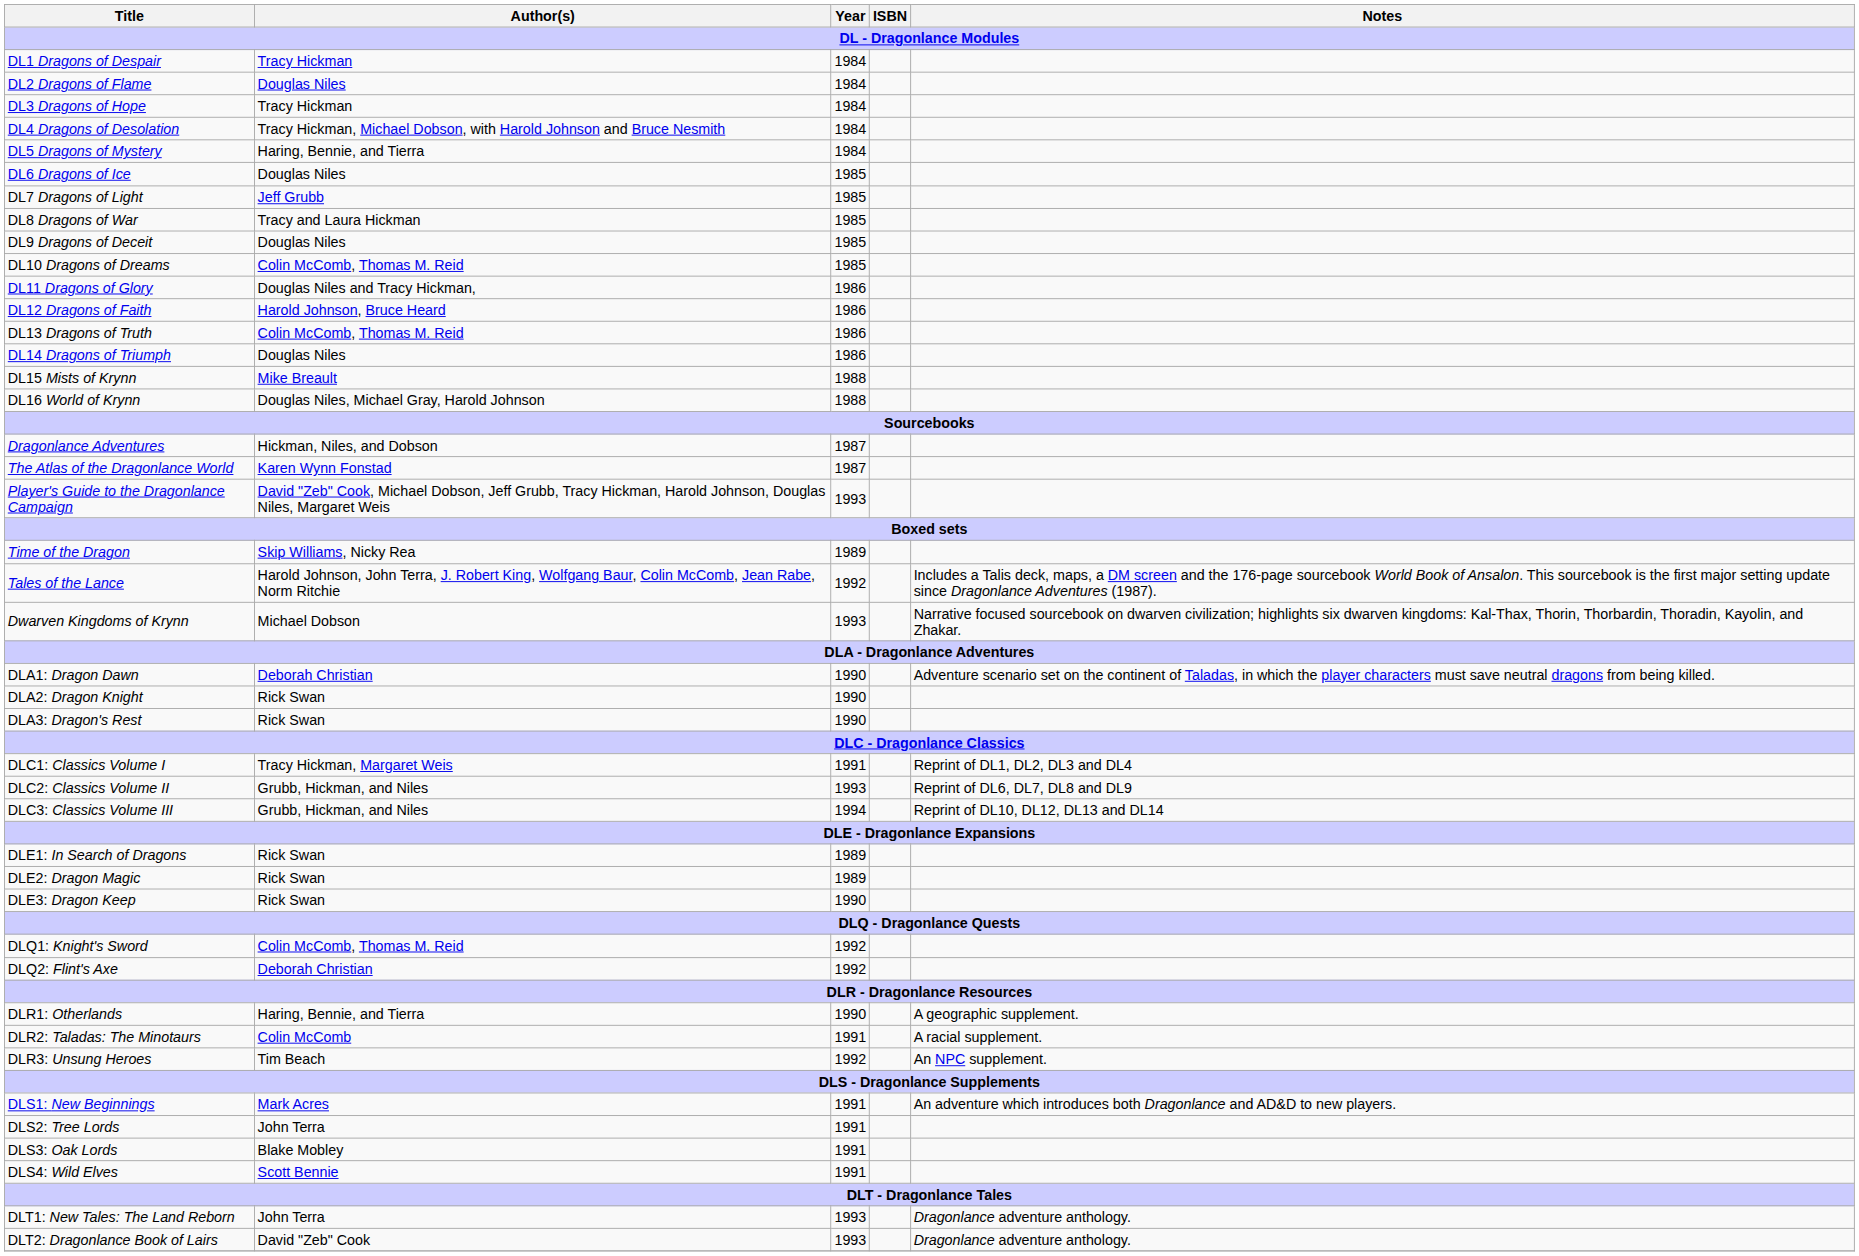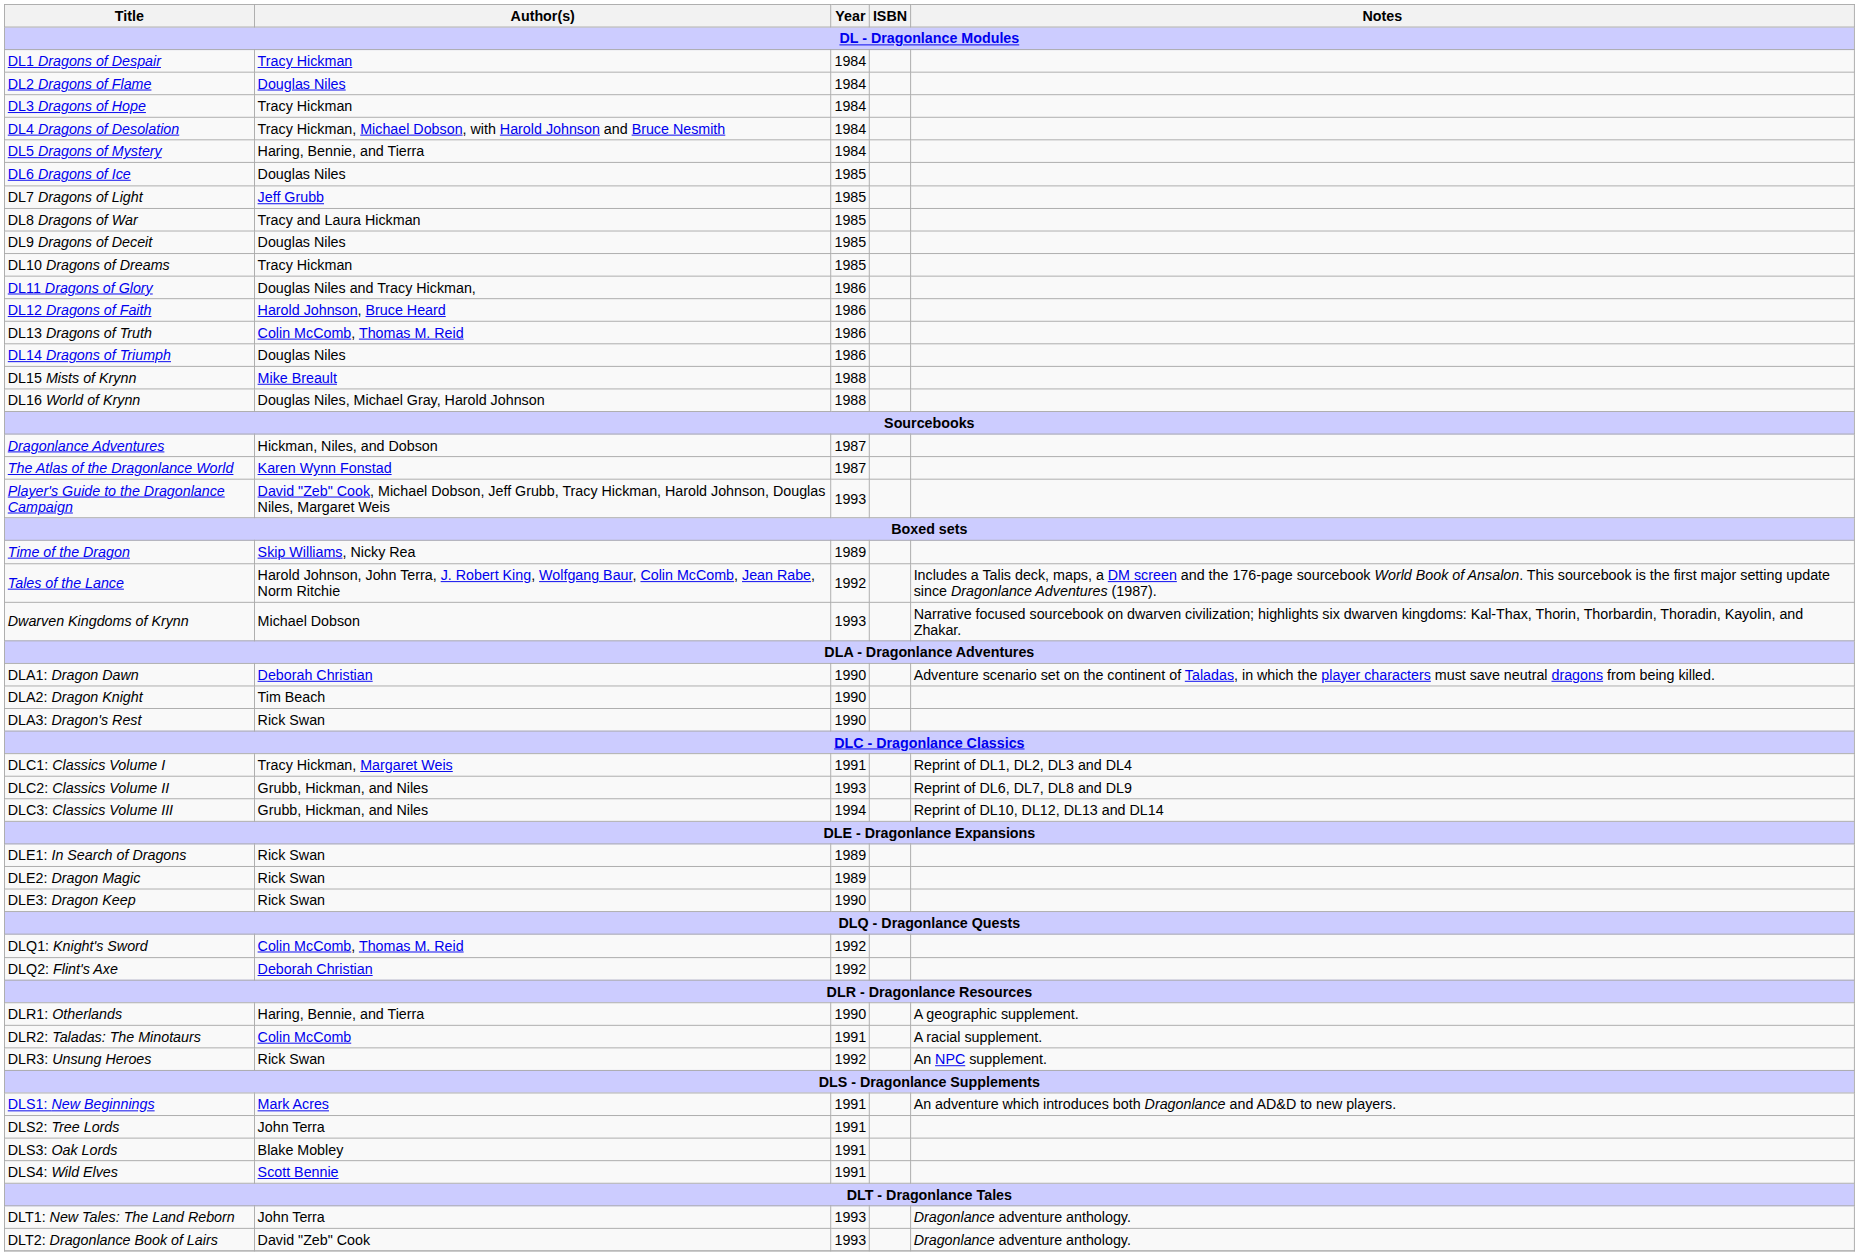 <table class="wikitable sortable" style="margins:auto; width=95%; font-size: 95%;">
 <tr>
 <th>Title</th>
 <th>Author(s)</th>
 <th>Year</th>
 <th>ISBN</th>
 <th>Notes</th>
 </tr>
 <tr>
 <th colspan="5" style="background-color:#ccccff;"><a href='#'>DL - Dragonlance Modules</a></th>
 </tr>
 <tr>
 <td><a href='#'>DL1 <em>Dragons of Despair</em></a></td>
 <td><a href='#'>Tracy Hickman</a></td>
 <td>1984</td>
 <td></td>
 <td></td>
 </tr>
 <tr>
 <td><a href='#'>DL2 <em>Dragons of Flame</em></a></td>
 <td><a href='#'>Douglas Niles</a></td>
 <td>1984</td>
 <td></td>
 <td></td>
 </tr>
 <tr>
 <td><a href='#'>DL3 <em>Dragons of Hope</em></a></td>
 <td>Tracy Hickman</td>
 <td>1984</td>
 <td></td>
 <td></td>
 </tr>
 <tr>
 <td><a href='#'>DL4 <em>Dragons of Desolation</em></a></td>
 <td>Tracy Hickman, <a href='#'>Michael Dobson</a>, with <a href='#'>Harold Johnson</a> and <a href='#'>Bruce Nesmith</a></td>
 <td>1984</td>
 <td></td>
 <td></td>
 </tr>
 <tr>
 <td><a href='#'>DL5 <em>Dragons of Mystery</em></a></td>
 <td>Haring, Bennie, and Tierra</td>
 <td>1984</td>
 <td></td>
 <td></td>
 </tr>
 <tr>
 <td><a href='#'>DL6 <em>Dragons of Ice</em></a></td>
 <td>Douglas Niles</td>
 <td>1985</td>
 <td></td>
 <td></td>
 </tr>
 <tr>
 <td>DL7 <em>Dragons of Light</em></td>
 <td><a href='#'>Jeff Grubb</a></td>
 <td>1985</td>
 <td></td>
 <td></td>
 </tr>
 <tr>
 <td>DL8 <em>Dragons of War</em></td>
 <td>Tracy and Laura Hickman</td>
 <td>1985</td>
 <td></td>
 <td></td>
 </tr>
 <tr>
 <td>DL9 <em>Dragons of Deceit</em></td>
 <td>Douglas Niles</td>
 <td>1985</td>
 <td></td>
 <td></td>
 </tr>
 <tr>
 <td>DL10 <em>Dragons of Dreams</em></td>
-<td><a href='#'>Colin McComb</a>, <a href='#'>Thomas M. Reid</a></td>
+<td>Tracy Hickman</td>
 <td>1985</td>
 <td></td>
 <td></td>
 </tr>
 <tr>
 <td><a href='#'>DL11 <em>Dragons of Glory</em></a></td>
 <td>Douglas Niles and Tracy Hickman,</td>
 <td>1986</td>
 <td></td>
 <td></td>
 </tr>
 <tr>
 <td><a href='#'>DL12 <em>Dragons of Faith</em></a></td>
 <td><a href='#'>Harold Johnson</a>, <a href='#'>Bruce Heard</a></td>
 <td>1986</td>
 <td></td>
 <td></td>
 </tr>
 <tr>
 <td>DL13 <em>Dragons of Truth</em></td>
 <td><a href='#'>Colin McComb</a>, <a href='#'>Thomas M. Reid</a></td>
 <td>1986</td>
 <td></td>
 <td></td>
 </tr>
 <tr>
 <td><a href='#'>DL14 <em>Dragons of Triumph</em></a></td>
 <td>Douglas Niles</td>
 <td>1986</td>
 <td></td>
 <td></td>
 </tr>
 <tr>
 <td>DL15 <em>Mists of Krynn</em></td>
 <td><a href='#'>Mike Breault</a></td>
 <td>1988</td>
 <td></td>
 <td></td>
 </tr>
 <tr>
 <td>DL16 <em>World of Krynn</em></td>
 <td>Douglas Niles, Michael Gray, Harold Johnson</td>
 <td>1988</td>
 <td></td>
 <td></td>
 </tr>
 <tr>
 <th colspan="5" style="background-color:#ccccff;">Sourcebooks</th>
 </tr>
 <tr>
 <td><em><a href='#'>Dragonlance Adventures</a></em></td>
 <td>Hickman, Niles, and Dobson</td>
 <td>1987</td>
 <td></td>
 <td></td>
 </tr>
 <tr>
 <td><em><a href='#'>The Atlas of the Dragonlance World</a></em></td>
 <td><a href='#'>Karen Wynn Fonstad</a></td>
 <td>1987</td>
 <td></td>
 <td></td>
 </tr>
 <tr>
 <td><em><a href='#'>Player's Guide to the Dragonlance Campaign</a></em></td>
 <td><a href='#'>David "Zeb" Cook</a>, Michael Dobson, Jeff Grubb, Tracy Hickman, Harold Johnson, Douglas Niles, Margaret Weis</td>
 <td>1993</td>
 <td></td>
 <td></td>
 </tr>
 <tr>
 <th colspan="5" style="background-color:#ccccff;">Boxed sets</th>
 </tr>
 <tr>
 <td><em><a href='#'>Time of the Dragon</a></em></td>
 <td><a href='#'>Skip Williams</a>, Nicky Rea</td>
 <td>1989</td>
 <td></td>
 <td></td>
 </tr>
 <tr>
 <td><em><a href='#'>Tales of the Lance</a></em></td>
 <td>Harold Johnson, John Terra, <a href='#'>J. Robert King</a>, <a href='#'>Wolfgang Baur</a>, <a href='#'>Colin McComb</a>, <a href='#'>Jean Rabe</a>, Norm Ritchie</td>
 <td>1992</td>
 <td></td>
 <td>Includes a Talis deck, maps, a <a href='#'>DM screen</a> and the 176-page sourcebook <em>World Book of Ansalon</em>. This sourcebook is the first major setting update since <em>Dragonlance Adventures</em> (1987).</td>
 </tr>
 <tr>
 <td><em>Dwarven Kingdoms of Krynn</em></td>
 <td>Michael Dobson</td>
 <td>1993</td>
 <td></td>
 <td>Narrative focused sourcebook on dwarven civilization; highlights six dwarven kingdoms: Kal-Thax, Thorin, Thorbardin, Thoradin, Kayolin, and Zhakar.</td>
 </tr>
 <tr>
 <th colspan="5" style="background-color:#ccccff;">DLA - Dragonlance Adventures</th>
 </tr>
 <tr>
 <td>DLA1: <em>Dragon Dawn</em></td>
 <td><a href='#'>Deborah Christian</a></td>
 <td>1990</td>
 <td></td>
 <td>Adventure scenario set on the continent of <a href='#'>Taladas</a>, in which the <a href='#'>player characters</a> must save neutral <a href='#'>dragons</a> from being killed.</td>
 </tr>
 <tr>
 <td>DLA2: <em>Dragon Knight</em></td>
-<td>Rick Swan</td>
+<td>Tim Beach</td>
 <td>1990</td>
 <td></td>
 <td></td>
 </tr>
 <tr>
 <td>DLA3: <em>Dragon's Rest</em></td>
 <td>Rick Swan</td>
 <td>1990</td>
 <td></td>
 <td></td>
 </tr>
 <tr>
 <th colspan="5" style="background-color:#ccccff;"><a href='#'>DLC - Dragonlance Classics</a></th>
 </tr>
 <tr>
 <td>DLC1: <em>Classics Volume I</em></td>
 <td>Tracy Hickman, <a href='#'>Margaret Weis</a></td>
 <td>1991</td>
 <td></td>
 <td>Reprint of DL1, DL2, DL3 and DL4</td>
 </tr>
 <tr>
 <td>DLC2: <em>Classics Volume II</em></td>
 <td>Grubb, Hickman, and Niles</td>
 <td>1993</td>
 <td></td>
 <td>Reprint of DL6, DL7, DL8 and DL9</td>
 </tr>
 <tr>
 <td>DLC3: <em>Classics Volume III</em></td>
 <td>Grubb, Hickman, and Niles</td>
 <td>1994</td>
 <td></td>
 <td>Reprint of DL10, DL12, DL13 and DL14</td>
 </tr>
 <tr>
 <th colspan="5" style="background-color:#ccccff;">DLE - Dragonlance Expansions</th>
 </tr>
 <tr>
 <td>DLE1: <em>In Search of Dragons</em></td>
 <td>Rick Swan</td>
 <td>1989</td>
 <td></td>
 <td></td>
 </tr>
 <tr>
 <td>DLE2: <em>Dragon Magic</em></td>
 <td>Rick Swan</td>
 <td>1989</td>
 <td></td>
 <td></td>
 </tr>
 <tr>
 <td>DLE3: <em>Dragon Keep</em></td>
 <td>Rick Swan</td>
 <td>1990</td>
 <td></td>
 <td></td>
 </tr>
 <tr>
 <th colspan="5" style="background-color:#ccccff;">DLQ - Dragonlance Quests</th>
 </tr>
 <tr>
 <td>DLQ1: <em>Knight's Sword</em></td>
 <td><a href='#'>Colin McComb</a>, <a href='#'>Thomas M. Reid</a></td>
 <td>1992</td>
 <td></td>
 <td></td>
 </tr>
 <tr>
 <td>DLQ2: <em>Flint's Axe</em></td>
 <td><a href='#'>Deborah Christian</a></td>
 <td>1992</td>
 <td></td>
 <td></td>
 </tr>
 <tr>
 <th colspan="5" style="background-color:#ccccff;">DLR - Dragonlance Resources</th>
 </tr>
 <tr>
 <td>DLR1: <em>Otherlands</em></td>
 <td>Haring, Bennie, and Tierra</td>
 <td>1990</td>
 <td></td>
 <td>A geographic supplement.</td>
 </tr>
 <tr>
 <td>DLR2: <em>Taladas: The Minotaurs</em></td>
 <td><a href='#'>Colin McComb</a></td>
 <td>1991</td>
 <td></td>
 <td>A racial supplement.</td>
 </tr>
 <tr>
 <td>DLR3: <em>Unsung Heroes</em></td>
-<td>Tim Beach</td>
+<td>Rick Swan</td>
 <td>1992</td>
 <td></td>
 <td>An <a href='#'>NPC</a> supplement.</td>
 </tr>
 <tr>
 <th colspan="5" style="background-color:#ccccff;">DLS - Dragonlance Supplements</th>
 </tr>
 <tr>
 <td><a href='#'>DLS1: <em>New Beginnings</em></a></td>
 <td><a href='#'>Mark Acres</a></td>
 <td>1991</td>
 <td></td>
 <td>An adventure which introduces both <em>Dragonlance</em> and AD&D to new players.</td>
 </tr>
 <tr>
 <td>DLS2: <em>Tree Lords</em></td>
 <td>John Terra</td>
 <td>1991</td>
 <td></td>
 <td></td>
 </tr>
 <tr>
 <td>DLS3: <em>Oak Lords</em></td>
 <td>Blake Mobley</td>
 <td>1991</td>
 <td></td>
 <td></td>
 </tr>
 <tr>
 <td>DLS4: <em>Wild Elves</em></td>
 <td><a href='#'>Scott Bennie</a></td>
 <td>1991</td>
 <td></td>
 <td></td>
 </tr>
 <tr>
 <th colspan="5" style="background-color:#ccccff;">DLT - Dragonlance Tales</th>
 </tr>
 <tr>
 <td>DLT1: <em>New Tales: The Land Reborn</em></td>
 <td>John Terra</td>
 <td>1993</td>
 <td></td>
 <td><em>Dragonlance</em> adventure anthology.</td>
 </tr>
 <tr>
 <td>DLT2: <em>Dragonlance Book of Lairs</em></td>
 <td>David "Zeb" Cook</td>
 <td>1993</td>
 <td></td>
 <td><em>Dragonlance</em> adventure anthology.</td>
 </tr>
 <tr>
 </tr>
 </table>
